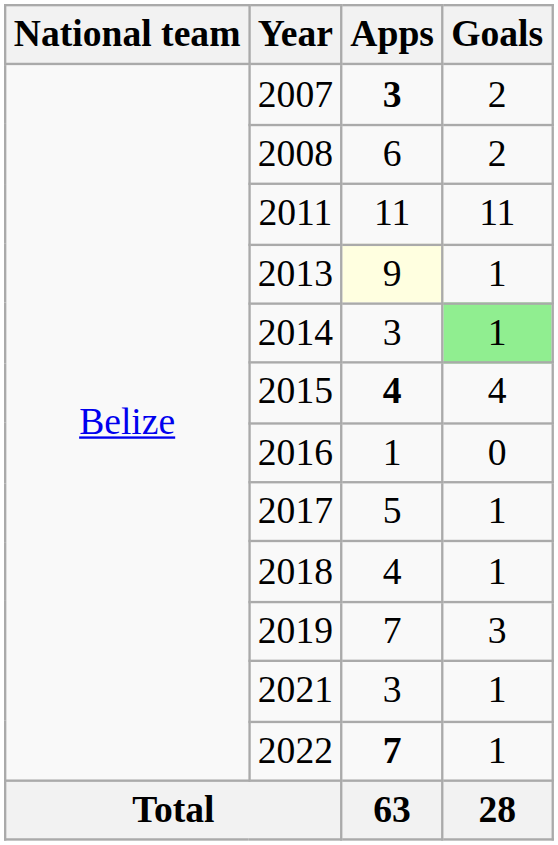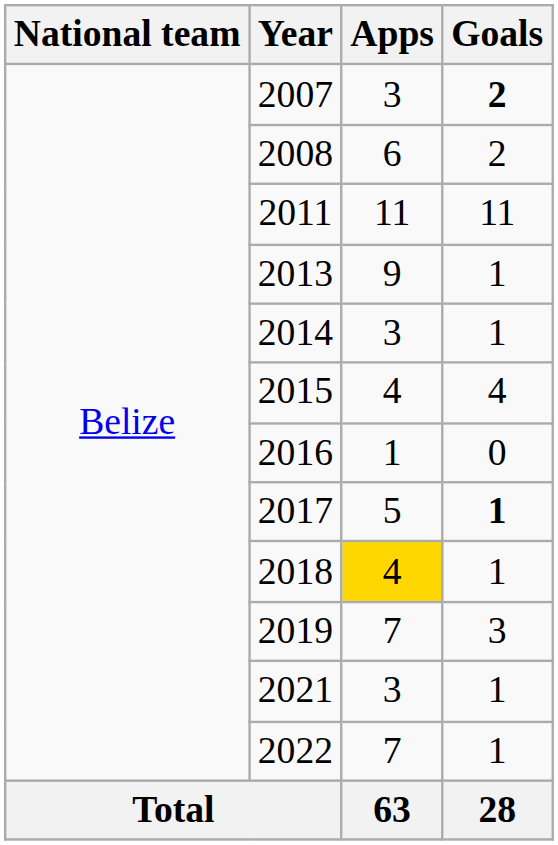 <table class="wikitable" style="text-align:center">
 <tr>
 <th>National team</th>
 <th>Year</th>
 <th>Apps</th>
 <th>Goals</th>
 </tr>
 <tr>
 <td rowspan="12"><a href='#'>Belize</a></td>
 <td>2007</td>
-<td><strong>3</strong></td>
-<td>2</td>
+<td>3</td>
+<td><strong>2</strong></td>
 </tr>
 <tr>
 <td>2008</td>
 <td>6</td>
 <td>2</td>
 </tr>
 <tr>
 <td>2011</td>
 <td>11</td>
 <td>11</td>
 </tr>
 <tr>
 <td>2013</td>
-<td style="background: lightyellow;">9</td>
+<td>9</td>
 <td>1</td>
 </tr>
 <tr>
 <td>2014</td>
 <td>3</td>
-<td style="background: lightgreen;">1</td>
+<td>1</td>
 </tr>
 <tr>
 <td>2015</td>
-<td><strong>4</strong></td>
+<td>4</td>
 <td>4</td>
 </tr>
 <tr>
 <td>2016</td>
 <td>1</td>
 <td>0</td>
 </tr>
 <tr>
 <td>2017</td>
 <td>5</td>
-<td>1</td>
+<td><strong>1</strong></td>
 </tr>
 <tr>
 <td>2018</td>
-<td>4</td>
+<td style="background: gold;">4</td>
 <td>1</td>
 </tr>
 <tr>
 <td>2019</td>
 <td>7</td>
 <td>3</td>
 </tr>
 <tr>
 <td>2021</td>
 <td>3</td>
 <td>1</td>
 </tr>
 <tr>
 <td>2022</td>
-<td><strong>7</strong></td>
+<td>7</td>
 <td>1</td>
 </tr>
 <tr>
 <th colspan="2">Total</th>
 <th>63</th>
 <th>28</th>
 </tr>
 </table>
